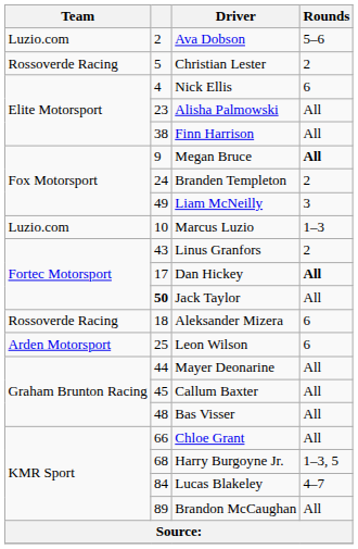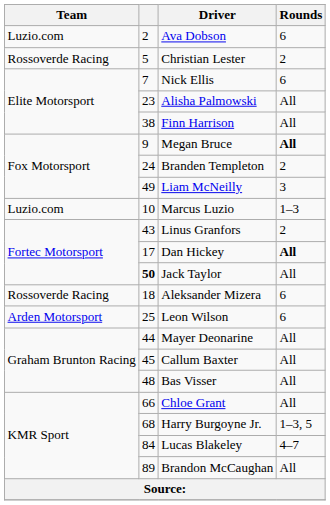 <table class="wikitable" style="font-size: 85%;">
 <tr>
 <th>Team</th>
 <th></th>
 <th>Driver</th>
 <th>Rounds</th>
 </tr>
 <tr>
 <td> Luzio.com</td>
 <td>2</td>
 <td> <a href='#'>Ava Dobson</a></td>
-<td>5–6</td>
+<td>6</td>
 </tr>
 <tr>
 <td> Rossoverde Racing</td>
 <td>5</td>
 <td> Christian Lester</td>
 <td>2</td>
 </tr>
 <tr>
 <td rowspan=3> Elite Motorsport</td>
-<td>4</td>
+<td>7</td>
 <td> Nick Ellis</td>
 <td>6</td>
 </tr>
 <tr>
 <td>23</td>
 <td> <a href='#'>Alisha Palmowski</a></td>
 <td>All</td>
 </tr>
 <tr>
 <td>38</td>
 <td> <a href='#'>Finn Harrison</a></td>
 <td>All</td>
 </tr>
 <tr>
 <td rowspan=3> Fox Motorsport</td>
 <td>9</td>
 <td> Megan Bruce</td>
 <td><strong>All</strong></td>
 </tr>
 <tr>
 <td>24</td>
 <td nowrap> Branden Templeton</td>
 <td>2</td>
 </tr>
 <tr>
 <td>49</td>
 <td> <a href='#'>Liam McNeilly</a></td>
 <td>3</td>
 </tr>
 <tr>
 <td> Luzio.com</td>
 <td>10</td>
 <td> Marcus Luzio</td>
 <td>1–3</td>
 </tr>
 <tr>
 <td rowspan=3> <a href='#'>Fortec Motorsport</a></td>
 <td>43</td>
 <td> Linus Granfors</td>
 <td>2</td>
 </tr>
 <tr>
 <td>17</td>
 <td> Dan Hickey</td>
 <td><strong>All</strong></td>
 </tr>
 <tr>
 <td><strong>50</strong></td>
 <td> Jack Taylor</td>
 <td>All</td>
 </tr>
 <tr>
 <td> Rossoverde Racing</td>
 <td>18</td>
 <td> Aleksander Mizera</td>
 <td>6</td>
 </tr>
 <tr>
 <td> <a href='#'>Arden Motorsport</a></td>
 <td>25</td>
 <td> Leon Wilson</td>
 <td>6</td>
 </tr>
 <tr>
 <td rowspan=3> Graham Brunton Racing</td>
 <td>44</td>
 <td> Mayer Deonarine</td>
 <td>All</td>
 </tr>
 <tr>
 <td>45</td>
 <td> Callum Baxter</td>
 <td>All</td>
 </tr>
 <tr>
 <td>48</td>
 <td> Bas Visser</td>
 <td>All</td>
 </tr>
 <tr>
 <td rowspan="4"> KMR Sport</td>
 <td>66</td>
 <td> <a href='#'>Chloe Grant</a></td>
 <td>All</td>
 </tr>
 <tr>
 <td>68</td>
 <td> Harry Burgoyne Jr.</td>
 <td>1–3, 5</td>
 </tr>
 <tr>
 <td>84</td>
 <td> Lucas Blakeley</td>
 <td>4–7</td>
 </tr>
 <tr>
 <td>89</td>
 <td nowrap> Brandon McCaughan</td>
 <td>All</td>
 </tr>
 <tr>
 <th colspan=4>Source:</th>
 </tr>
 <tr>
 </tr>
 </table>
